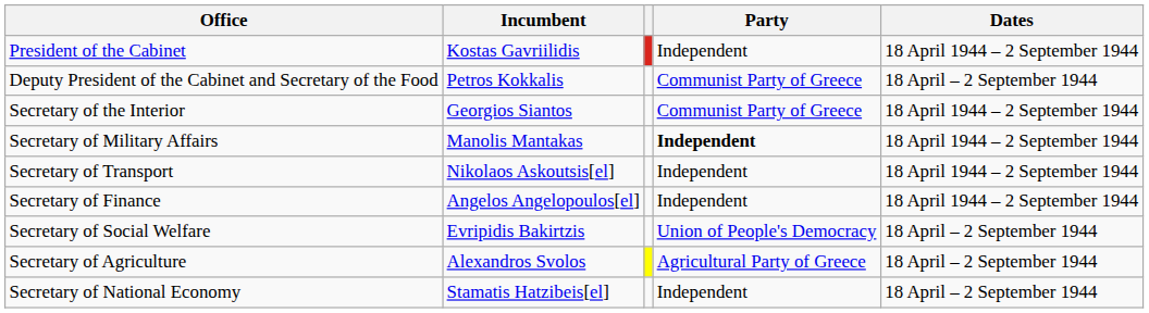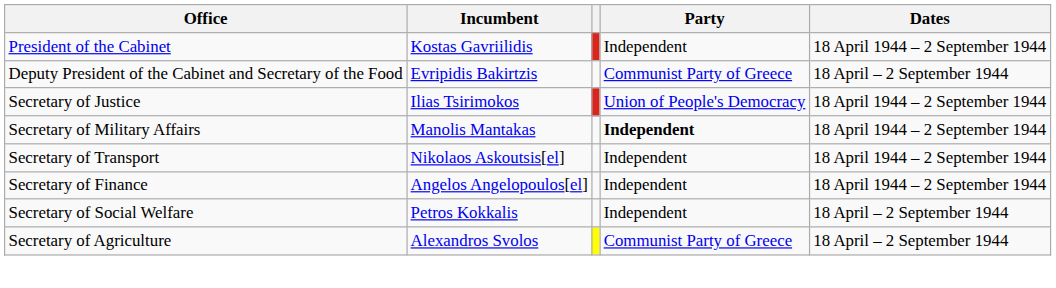 <table class="wikitable" style="font-size: 90%;">
 <tr>
 <th>Office</th>
 <th>Incumbent</th>
 <th></th>
 <th>Party</th>
 <th>Dates</th>
 </tr>
 <tr>
 <td><a href='#'>President of the Cabinet</a></td>
 <td><a href='#'>Kostas Gavriilidis</a></td>
 <td style="background-color: #DA251D"></td>
 <td>Independent</td>
 <td>18 April 1944 – 2 September 1944</td>
 </tr>
 <tr>
 <td>Deputy President of the Cabinet and Secretary of the Food</td>
-<td><a href='#'>Petros Kokkalis</a></td>
+<td><a href='#'>Evripidis Bakirtzis</a></td>
 <td style="background-color: "></td>
 <td><a href='#'>Communist Party of Greece</a></td>
 <td>18 April – 2 September 1944</td>
 </tr>
 <tr>
-<td>Secretary of the Interior</td>
-<td><a href='#'>Georgios Siantos</a></td>
-<td style="background-color: "></td>
-<td><a href='#'>Communist Party of Greece</a></td>
+<td>Secretary of Justice</td>
+<td><a href='#'>Ilias Tsirimokos</a></td>
+<td style="background-color: #DA251D"></td>
+<td><a href='#'>Union of People's Democracy</a></td>
 <td>18 April 1944 – 2 September 1944</td>
 </tr>
 <tr>
 <td>Secretary of Military Affairs</td>
 <td><a href='#'>Manolis Mantakas</a></td>
 <td style="background-color: "></td>
 <td><strong>Independent</strong></td>
 <td>18 April 1944 – 2 September 1944</td>
 </tr>
 <tr>
 <td>Secretary of Transport</td>
 <td><a href='#'>Nikolaos Askoutsis</a>[<a href='#'>el</a>]</td>
 <td style="background-color: "></td>
 <td>Independent</td>
 <td>18 April 1944 – 2 September 1944</td>
 </tr>
 <tr>
 <td>Secretary of Finance</td>
 <td><a href='#'>Angelos Angelopoulos</a>[<a href='#'>el</a>]</td>
 <td style="background-color: "></td>
 <td>Independent</td>
 <td>18 April 1944 – 2 September 1944</td>
 </tr>
 <tr>
 <td>Secretary of Social Welfare</td>
-<td><a href='#'>Evripidis Bakirtzis</a></td>
+<td><a href='#'>Petros Kokkalis</a></td>
 <td style="background-color: "></td>
-<td><a href='#'>Union of People's Democracy</a></td>
+<td>Independent</td>
 <td>18 April – 2 September 1944</td>
 </tr>
 <tr>
 <td>Secretary of Agriculture</td>
 <td><a href='#'>Alexandros Svolos</a></td>
 <td style="background-color: yellow"></td>
-<td><a href='#'>Agricultural Party of Greece</a></td>
-<td>18 April – 2 September 1944</td>
-</tr>
-<tr>
-<td>Secretary of National Economy</td>
-<td><a href='#'>Stamatis Hatzibeis</a>[<a href='#'>el</a>]</td>
-<td style="background-color: "></td>
-<td>Independent</td>
+<td><a href='#'>Communist Party of Greece</a></td>
 <td>18 April – 2 September 1944</td>
 </tr>
 </table>
